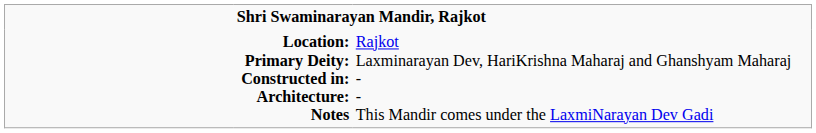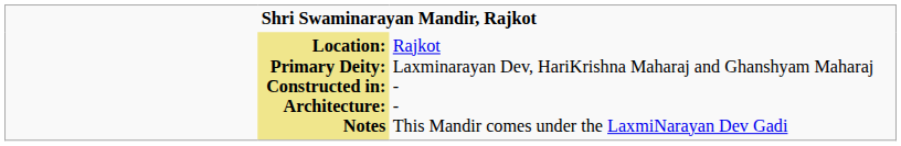 <table class="wikitable plain" border="0" width="800">
 <tr>
 <td width="220px" rowspan="2" style="border:none;"></td>
 <td valign="top" colspan=2 style="border:none;"><strong>Shri Swaminarayan Mandir, Rajkot</strong></td>
 </tr>
 <tr>
-<td valign="top" style="text-align:right; border:none;"><strong>Location:</strong> <br><strong>Primary Deity:</strong><br><strong>Constructed in:</strong><br><strong>Architecture:</strong><br><strong>Notes</strong></td>
+<td valign="top" style="background: khaki; text-align:right; border:none;"><strong>Location:</strong> <br><strong>Primary Deity:</strong><br><strong>Constructed in:</strong><br><strong>Architecture:</strong><br><strong>Notes</strong></td>
 <td valign="top" style="border:none;"><a href='#'>Rajkot</a> <br>Laxminarayan Dev, HariKrishna Maharaj and Ghanshyam Maharaj <br>- <br>- <br>This Mandir comes under the <a href='#'>LaxmiNarayan Dev Gadi</a></td>
 </tr>
 </table>
